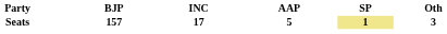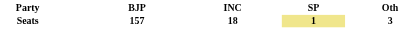 <table style="width:60%; text-align:center;">
 <tr>
 <th><strong>Party</strong></th>
 <td><strong>BJP</strong></td>
 <td><strong>INC</strong></td>
-<td><strong>AAP</strong></td>
 <td><strong>SP</strong></td>
 <td><strong>Oth</strong></td>
 </tr>
 <tr>
 <th><strong>Seats</strong></th>
 <td><strong>157</strong></td>
-<td><strong>17</strong></td>
-<td><strong>5</strong></td>
+<td><strong>18</strong></td>
 <td style="background: khaki;"><strong>1</strong></td>
 <td><strong>3</strong></td>
 </tr>
 </table>
